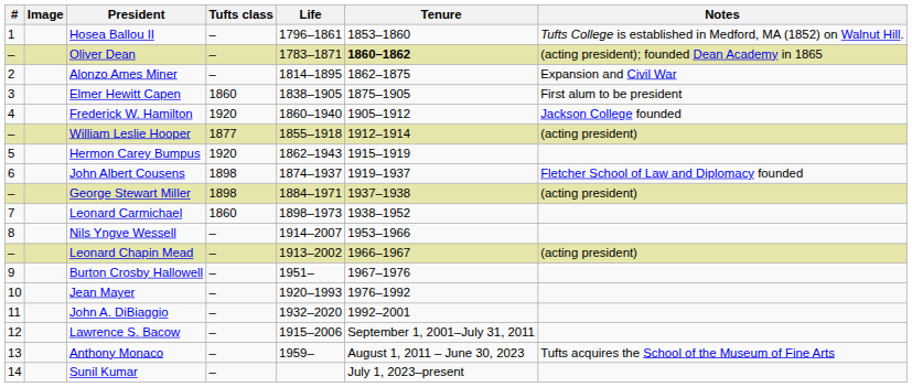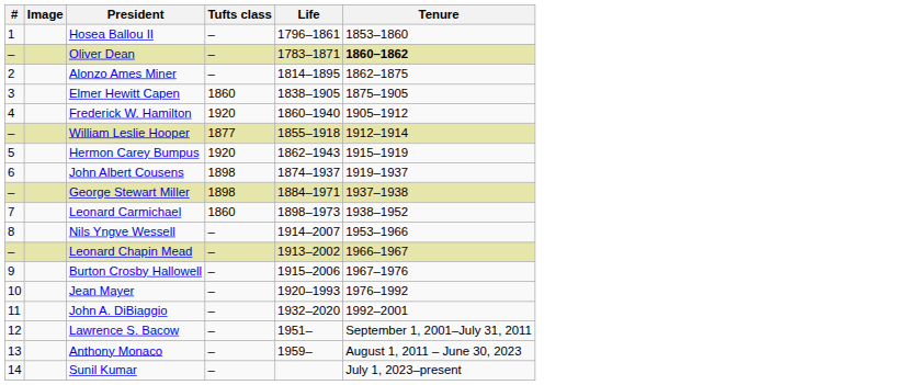 <table class="wikitable">
 <tr>
 <th align="left">#</th>
 <th align="left">Image</th>
 <th align="left">President</th>
 <th align="left">Tufts class</th>
 <th align="right">Life</th>
 <th align="center">Tenure</th>
-<th align="left">Notes</th>
 </tr>
 <tr>
 <td>1</td>
 <td></td>
 <td><a href='#'>Hosea Ballou II</a></td>
 <td>–</td>
 <td>1796–1861</td>
 <td>1853–1860</td>
-<td><em>Tufts College</em> is established in Medford, MA (1852) on <a href='#'>Walnut Hill</a>.</td>
 </tr>
 <tr bgcolor="#e6e6aa">
 <td>–</td>
 <td></td>
 <td><a href='#'>Oliver Dean</a></td>
 <td>–</td>
 <td>1783–1871</td>
 <td><strong>1860–1862</strong></td>
-<td>(acting president); founded <a href='#'>Dean Academy</a> in 1865</td>
 </tr>
 <tr>
 <td>2</td>
 <td></td>
 <td><a href='#'>Alonzo Ames Miner</a></td>
 <td>–</td>
 <td>1814–1895</td>
 <td>1862–1875</td>
-<td>Expansion and <a href='#'>Civil War</a></td>
 </tr>
 <tr>
 <td>3</td>
 <td></td>
 <td><a href='#'>Elmer Hewitt Capen</a></td>
 <td>1860</td>
 <td>1838–1905</td>
 <td>1875–1905</td>
-<td>First alum to be president</td>
 </tr>
 <tr>
 <td>4</td>
 <td></td>
 <td><a href='#'>Frederick W. Hamilton</a></td>
 <td>1920</td>
 <td>1860–1940</td>
 <td>1905–1912</td>
-<td><a href='#'>Jackson College</a> founded</td>
 </tr>
 <tr bgcolor="#e6e6aa">
 <td>–</td>
 <td></td>
 <td><a href='#'>William Leslie Hooper</a></td>
 <td>1877</td>
 <td>1855–1918</td>
 <td>1912–1914</td>
-<td>(acting president)</td>
 </tr>
 <tr>
 <td>5</td>
 <td></td>
 <td><a href='#'>Hermon Carey Bumpus</a></td>
 <td>1920</td>
 <td>1862–1943</td>
 <td>1915–1919</td>
-<td></td>
 </tr>
 <tr>
 <td>6</td>
 <td></td>
 <td><a href='#'>John Albert Cousens</a></td>
 <td>1898</td>
 <td>1874–1937</td>
 <td>1919–1937</td>
-<td><a href='#'>Fletcher School of Law and Diplomacy</a> founded</td>
 </tr>
 <tr bgcolor="#e6e6aa">
 <td>–</td>
 <td></td>
 <td><a href='#'>George Stewart Miller</a></td>
 <td>1898</td>
 <td>1884–1971</td>
 <td>1937–1938</td>
-<td>(acting president)</td>
 </tr>
 <tr>
 <td>7</td>
 <td></td>
 <td><a href='#'>Leonard Carmichael</a></td>
 <td>1860</td>
 <td>1898–1973</td>
 <td>1938–1952</td>
-<td></td>
 </tr>
 <tr>
 <td>8</td>
 <td></td>
 <td><a href='#'>Nils Yngve Wessell</a></td>
 <td>–</td>
 <td>1914–2007</td>
 <td>1953–1966</td>
-<td></td>
 </tr>
 <tr bgcolor="#e6e6aa">
 <td>–</td>
 <td></td>
 <td><a href='#'>Leonard Chapin Mead</a></td>
 <td>–</td>
 <td>1913–2002</td>
 <td>1966–1967</td>
-<td>(acting president)</td>
 </tr>
 <tr>
 <td>9</td>
 <td></td>
 <td><a href='#'>Burton Crosby Hallowell</a></td>
 <td>–</td>
-<td>1951–</td>
+<td>1915–2006</td>
 <td>1967–1976</td>
-<td></td>
 </tr>
 <tr>
 <td>10</td>
 <td></td>
 <td><a href='#'>Jean Mayer</a></td>
 <td>–</td>
 <td>1920–1993</td>
 <td>1976–1992</td>
-<td></td>
 </tr>
 <tr>
 <td>11</td>
 <td></td>
 <td><a href='#'>John A. DiBiaggio</a></td>
 <td>–</td>
 <td>1932–2020</td>
 <td>1992–2001</td>
-<td></td>
 </tr>
 <tr>
 <td>12</td>
 <td></td>
 <td><a href='#'>Lawrence S. Bacow</a></td>
 <td>–</td>
-<td>1915–2006</td>
+<td>1951–</td>
 <td>September 1, 2001–July 31, 2011</td>
-<td></td>
 </tr>
 <tr>
 <td>13</td>
 <td></td>
 <td><a href='#'>Anthony Monaco</a></td>
 <td>–</td>
 <td>1959–</td>
 <td>August 1, 2011 – June 30, 2023</td>
-<td> Tufts acquires the <a href='#'>School of the Museum of Fine Arts</a></td>
 </tr>
 <tr>
 <td>14</td>
 <td></td>
 <td><a href='#'>Sunil Kumar</a></td>
 <td>–</td>
 <td></td>
 <td>July 1, 2023–present</td>
-<td></td>
 </tr>
 </table>
